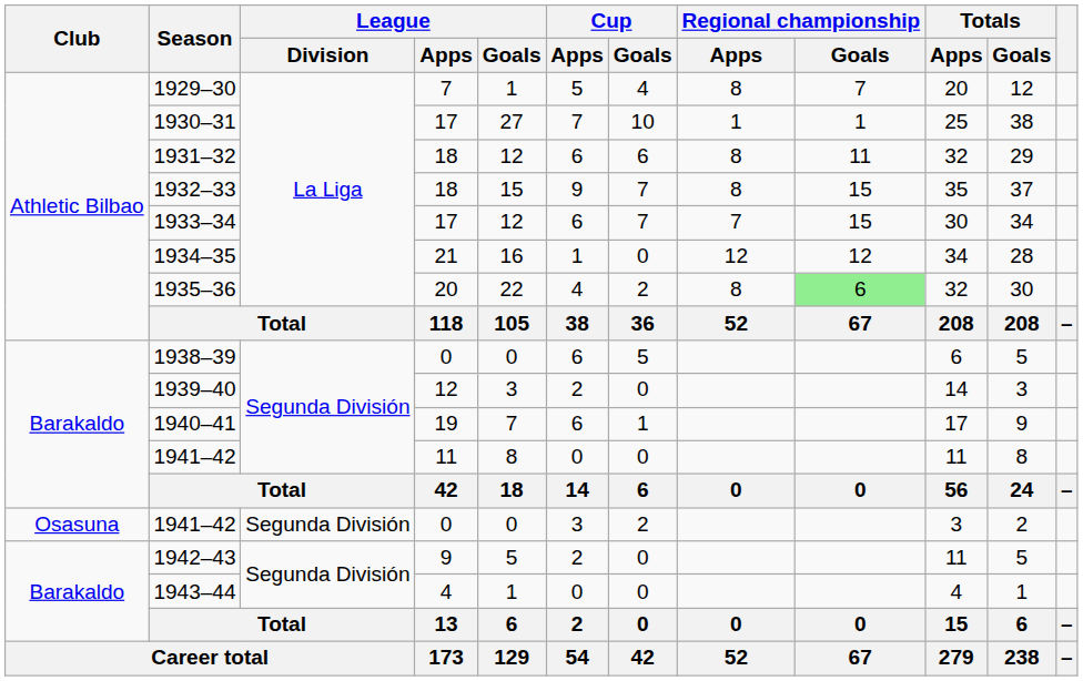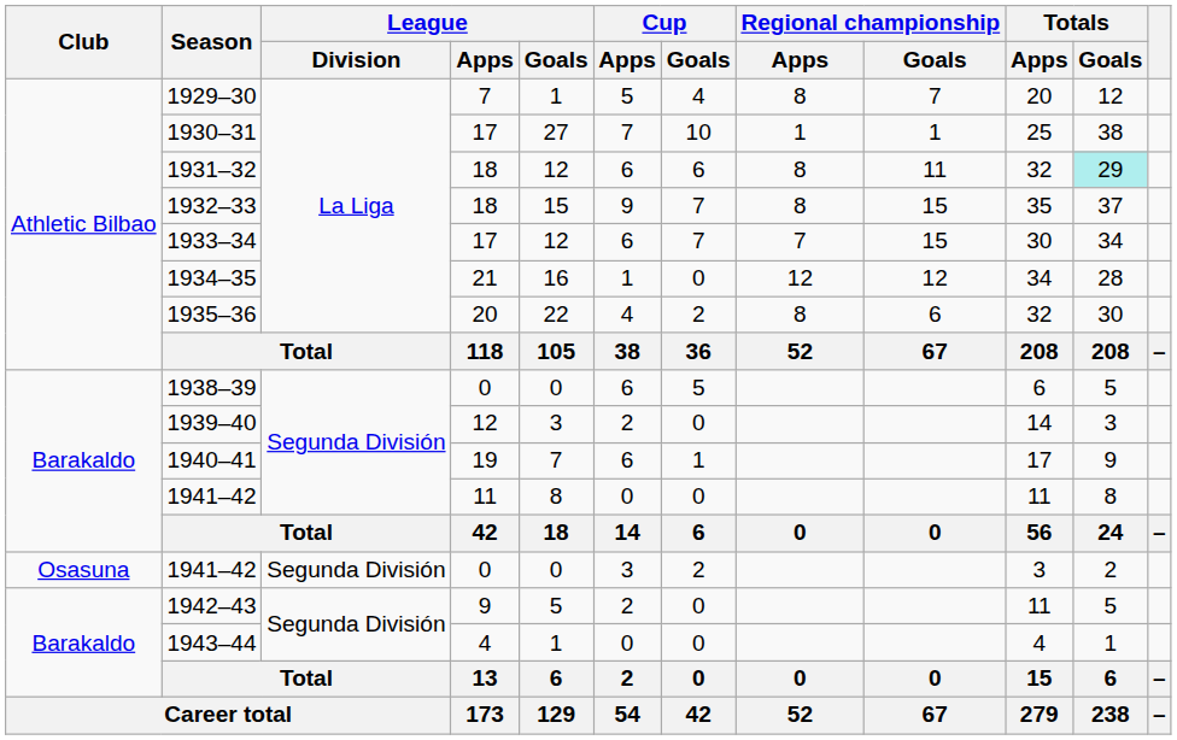 <table class="wikitable" style="text-align:center">
 <tr>
 <th rowspan="2">Club</th>
 <th rowspan="2">Season</th>
 <th colspan="3"><a href='#'>League</a></th>
 <th colspan="2"><a href='#'>Cup</a></th>
 <th colspan="2"><a href='#'>Regional championship</a></th>
 <th colspan="2">Totals</th>
 <th rowspan="2"></th>
 </tr>
 <tr>
 <th>Division</th>
 <th>Apps</th>
 <th>Goals</th>
 <th>Apps</th>
 <th>Goals</th>
 <th>Apps</th>
 <th>Goals</th>
 <th>Apps</th>
 <th>Goals</th>
 </tr>
 <tr>
 <td rowspan="8"><a href='#'>Athletic Bilbao</a></td>
 <td>1929–30</td>
 <td rowspan="7"><a href='#'>La Liga</a></td>
 <td>7</td>
 <td>1</td>
 <td>5</td>
 <td>4</td>
 <td>8</td>
 <td>7</td>
 <td>20</td>
 <td>12</td>
 <td></td>
 </tr>
 <tr>
 <td>1930–31</td>
 <td>17</td>
 <td>27</td>
 <td>7</td>
 <td>10</td>
 <td>1</td>
 <td>1</td>
 <td>25</td>
 <td>38</td>
 <td></td>
 </tr>
 <tr>
 <td>1931–32</td>
 <td>18</td>
 <td>12</td>
 <td>6</td>
 <td>6</td>
 <td>8</td>
 <td>11</td>
 <td>32</td>
-<td>29</td>
+<td style="background: paleturquoise;">29</td>
 <td></td>
 </tr>
 <tr>
 <td>1932–33</td>
 <td>18</td>
 <td>15</td>
 <td>9</td>
 <td>7</td>
 <td>8</td>
 <td>15</td>
 <td>35</td>
 <td>37</td>
 <td></td>
 </tr>
 <tr>
 <td>1933–34</td>
 <td>17</td>
 <td>12</td>
 <td>6</td>
 <td>7</td>
 <td>7</td>
 <td>15</td>
 <td>30</td>
 <td>34</td>
 <td></td>
 </tr>
 <tr>
 <td>1934–35</td>
 <td>21</td>
 <td>16</td>
 <td>1</td>
 <td>0</td>
 <td>12</td>
 <td>12</td>
 <td>34</td>
 <td>28</td>
 <td></td>
 </tr>
 <tr>
 <td>1935–36</td>
 <td>20</td>
 <td>22</td>
 <td>4</td>
 <td>2</td>
 <td>8</td>
-<td style="background: lightgreen;">6</td>
+<td>6</td>
 <td>32</td>
 <td>30</td>
 <td></td>
 </tr>
 <tr>
 <th colspan="2">Total</th>
 <th>118</th>
 <th>105</th>
 <th>38</th>
 <th>36</th>
 <th>52</th>
 <th>67</th>
 <th>208</th>
 <th>208</th>
 <th>–</th>
 </tr>
 <tr>
 <td rowspan="5"><a href='#'>Barakaldo</a></td>
 <td>1938–39</td>
 <td rowspan="4"><a href='#'>Segunda División</a></td>
 <td>0</td>
 <td>0</td>
 <td>6</td>
 <td>5</td>
 <td></td>
 <td></td>
 <td>6</td>
 <td>5</td>
 <td></td>
 </tr>
 <tr>
 <td>1939–40</td>
 <td>12</td>
 <td>3</td>
 <td>2</td>
 <td>0</td>
 <td></td>
 <td></td>
 <td>14</td>
 <td>3</td>
 <td></td>
 </tr>
 <tr>
 <td>1940–41</td>
 <td>19</td>
 <td>7</td>
 <td>6</td>
 <td>1</td>
 <td></td>
 <td></td>
 <td>17</td>
 <td>9</td>
 <td></td>
 </tr>
 <tr>
 <td>1941–42</td>
 <td>11</td>
 <td>8</td>
 <td>0</td>
 <td>0</td>
 <td></td>
 <td></td>
 <td>11</td>
 <td>8</td>
 <td></td>
 </tr>
 <tr>
 <th colspan="2">Total</th>
 <th>42</th>
 <th>18</th>
 <th>14</th>
 <th>6</th>
 <th>0</th>
 <th>0</th>
 <th>56</th>
 <th>24</th>
 <th>–</th>
 </tr>
 <tr>
 <td><a href='#'>Osasuna</a></td>
 <td>1941–42</td>
 <td>Segunda División</td>
 <td>0</td>
 <td>0</td>
 <td>3</td>
 <td>2</td>
 <td></td>
 <td></td>
 <td>3</td>
 <td>2</td>
 <td></td>
 </tr>
 <tr>
 <td rowspan="3"><a href='#'>Barakaldo</a></td>
 <td>1942–43</td>
 <td rowspan="2">Segunda División</td>
 <td>9</td>
 <td>5</td>
 <td>2</td>
 <td>0</td>
 <td></td>
 <td></td>
 <td>11</td>
 <td>5</td>
 <td></td>
 </tr>
 <tr>
 <td>1943–44</td>
 <td>4</td>
 <td>1</td>
 <td>0</td>
 <td>0</td>
 <td></td>
 <td></td>
 <td>4</td>
 <td>1</td>
 <td></td>
 </tr>
 <tr>
 <th colspan="2">Total</th>
 <th>13</th>
 <th>6</th>
 <th>2</th>
 <th>0</th>
 <th>0</th>
 <th>0</th>
 <th>15</th>
 <th>6</th>
 <th>–</th>
 </tr>
 <tr>
 <th colspan="3">Career total</th>
 <th>173</th>
 <th>129</th>
 <th>54</th>
 <th>42</th>
 <th>52</th>
 <th>67</th>
 <th>279</th>
 <th>238</th>
 <th>–</th>
 </tr>
 </table>
